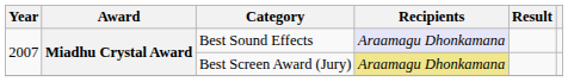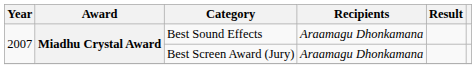 <table class="wikitable plainrowheaders sortable">
 <tr>
 <th scope="col">Year</th>
 <th scope="col">Award</th>
 <th scope="col">Category</th>
 <th scope="col">Recipients</th>
 <th scope="col">Result</th>
 <th scope="col" class="unsortable"></th>
 </tr>
 <tr>
 <td rowspan="2">2007</td>
 <th scope="row" rowspan="2">Miadhu Crystal Award</th>
 <td>Best Sound Effects</td>
-<td style="background: lavender;"><em>Araamagu Dhonkamana</em></td>
+<td><em>Araamagu Dhonkamana</em></td>
 <td></td>
 <td style="text-align:center;"></td>
 </tr>
 <tr>
 <td>Best Screen Award (Jury)</td>
-<td style="background: khaki;"><em>Araamagu Dhonkamana</em></td>
+<td><em>Araamagu Dhonkamana</em></td>
 <td></td>
 <td style="text-align:center;"></td>
 </tr>
 <tr>
 </tr>
 </table>
